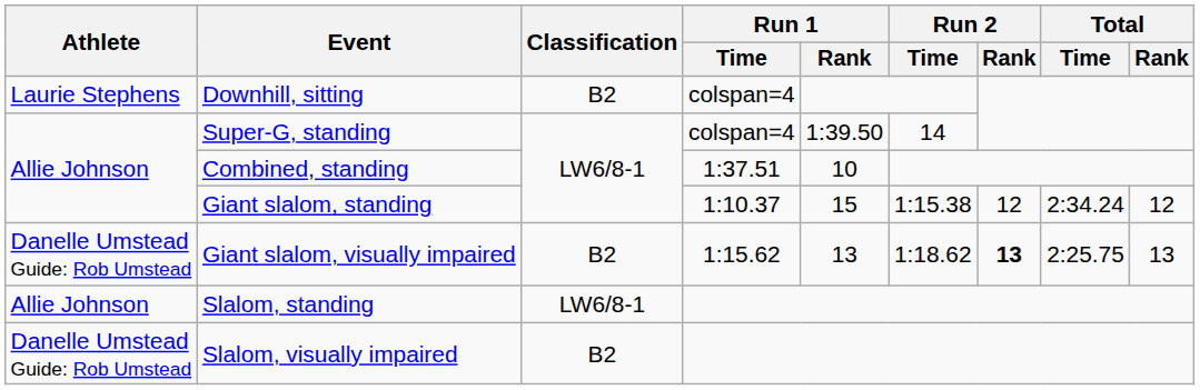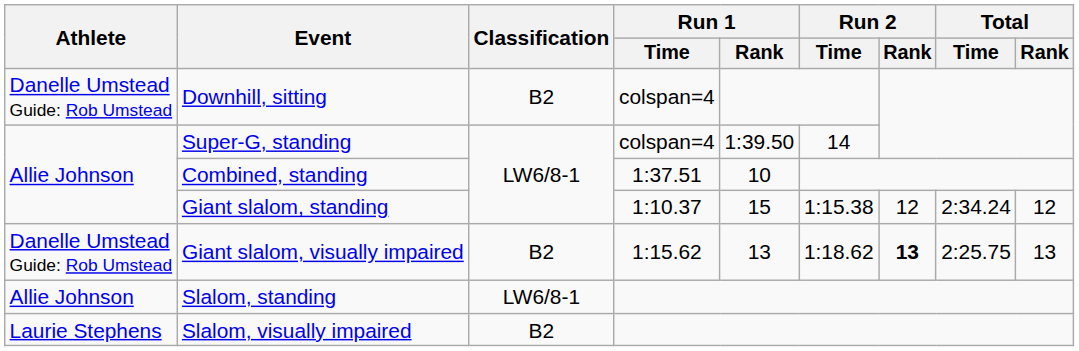 <table class=wikitable style=font-size:90%;text-align:center>
 <tr>
 <th rowspan=2>Athlete</th>
 <th rowspan=2>Event</th>
 <th rowspan=2>Classification</th>
 <th colspan=2>Run 1</th>
 <th colspan=2>Run 2</th>
 <th colspan=2>Total</th>
 </tr>
 <tr style=font-size:95%>
 <th>Time</th>
 <th>Rank</th>
 <th>Time</th>
 <th>Rank</th>
 <th>Time</th>
 <th>Rank</th>
 </tr>
 <tr>
-<td align=left><a href='#'>Laurie Stephens</a></td>
+<td align=left><a href='#'>Danelle Umstead</a><br><small>Guide: <a href='#'>Rob Umstead</a></small></td>
 <td align=left><a href='#'>Downhill, sitting</a></td>
 <td>B2</td>
 <td>colspan=4 </td>
 <td colspan=2></td>
 </tr>
 <tr>
 <td align=left rowspan=3><a href='#'>Allie Johnson</a></td>
 <td align=left><a href='#'>Super-G, standing</a></td>
 <td rowspan=3>LW6/8-1</td>
 <td>colspan=4 </td>
 <td>1:39.50</td>
 <td>14</td>
 </tr>
 <tr>
 <td align=left><a href='#'>Combined, standing</a></td>
 <td>1:37.51</td>
 <td>10</td>
 <td colspan=4></td>
 </tr>
 <tr>
 <td align=left><a href='#'>Giant slalom, standing</a></td>
 <td>1:10.37</td>
 <td>15</td>
 <td>1:15.38</td>
 <td>12</td>
 <td>2:34.24</td>
 <td>12</td>
 </tr>
 <tr>
 <td align=left><a href='#'>Danelle Umstead</a><br><small>Guide: <a href='#'>Rob Umstead</a></small></td>
 <td align=left><a href='#'>Giant slalom, visually impaired</a></td>
 <td>B2</td>
 <td>1:15.62</td>
 <td>13</td>
 <td>1:18.62</td>
 <td><strong>13</strong></td>
 <td>2:25.75</td>
 <td>13</td>
 </tr>
 <tr>
 <td align=left><a href='#'>Allie Johnson</a></td>
 <td align=left><a href='#'>Slalom, standing</a></td>
 <td>LW6/8-1</td>
 <td colspan=6></td>
 </tr>
 <tr>
-<td align=left><a href='#'>Danelle Umstead</a><br><small>Guide: <a href='#'>Rob Umstead</a></small></td>
+<td align=left><a href='#'>Laurie Stephens</a></td>
 <td align=left><a href='#'>Slalom, visually impaired</a></td>
 <td>B2</td>
 <td colspan=6></td>
 </tr>
 </table>
